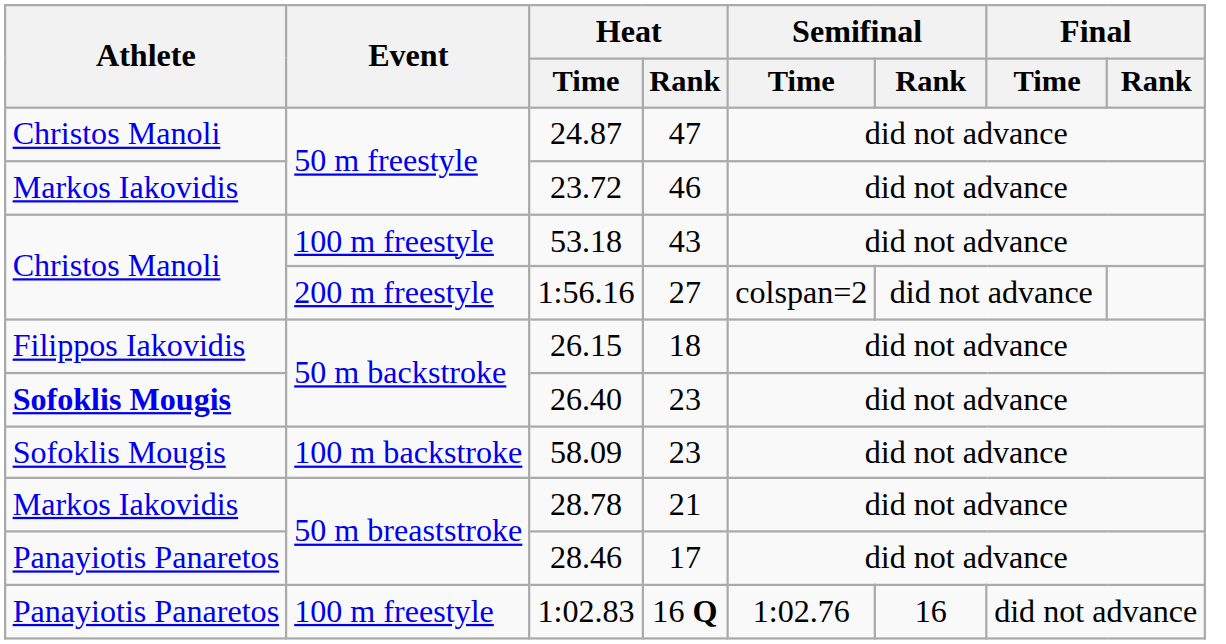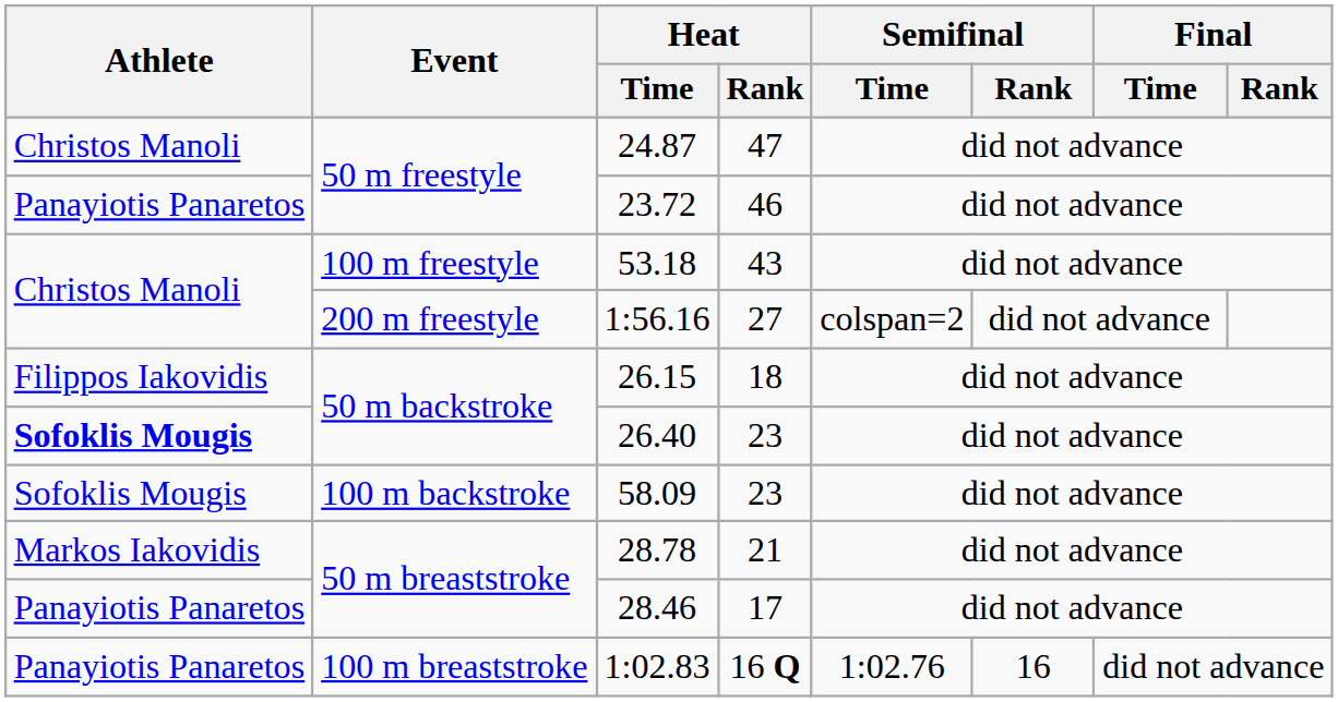 <table class=wikitable style=font-size:90%>
 <tr>
 <th rowspan=2>Athlete</th>
 <th rowspan=2>Event</th>
 <th colspan=2>Heat</th>
 <th colspan=2>Semifinal</th>
 <th colspan=2>Final</th>
 </tr>
 <tr style=font-size:95%>
 <th>Time</th>
 <th>Rank</th>
 <th>Time</th>
 <th>Rank</th>
 <th>Time</th>
 <th>Rank</th>
 </tr>
 <tr align=center>
 <td align=left><a href='#'>Christos Manoli</a></td>
 <td align=left rowspan="2"><a href='#'>50 m freestyle</a></td>
 <td>24.87</td>
 <td>47</td>
 <td colspan=4>did not advance</td>
 </tr>
 <tr align=center>
-<td align=left><a href='#'>Markos Iakovidis</a></td>
+<td align=left><a href='#'>Panayiotis Panaretos</a></td>
 <td>23.72</td>
 <td>46</td>
 <td colspan=4>did not advance</td>
 </tr>
 <tr align=center>
 <td align=left rowspan=2><a href='#'>Christos Manoli</a></td>
 <td align=left rowspan="1"><a href='#'>100 m freestyle</a></td>
 <td>53.18</td>
 <td>43</td>
 <td colspan=4>did not advance</td>
 </tr>
 <tr align=center>
 <td align=left rowspan="1"><a href='#'>200 m freestyle</a></td>
 <td>1:56.16</td>
 <td>27</td>
 <td>colspan=2 </td>
 <td colspan=2>did not advance</td>
 </tr>
 <tr align=center>
 <td align=left><a href='#'>Filippos Iakovidis</a></td>
 <td align=left rowspan=2><a href='#'>50 m backstroke</a></td>
 <td>26.15</td>
 <td>18</td>
 <td colspan=4>did not advance</td>
 </tr>
 <tr align=center>
 <td align=left><strong><a href='#'>Sofoklis Mougis</a></strong></td>
 <td>26.40</td>
 <td>23</td>
 <td colspan=4>did not advance</td>
 </tr>
 <tr align=center>
 <td align=left><a href='#'>Sofoklis Mougis</a></td>
 <td align=left><a href='#'>100 m backstroke</a></td>
 <td>58.09</td>
 <td>23</td>
 <td colspan=4>did not advance</td>
 </tr>
 <tr align=center>
 <td align=left><a href='#'>Markos Iakovidis</a></td>
 <td align=left rowspan=2><a href='#'>50 m breaststroke</a></td>
 <td>28.78</td>
 <td>21</td>
 <td colspan=4>did not advance</td>
 </tr>
 <tr align=center>
 <td align=left><a href='#'>Panayiotis Panaretos</a></td>
 <td>28.46</td>
 <td>17</td>
 <td colspan=4>did not advance</td>
 </tr>
 <tr align=center>
 <td align=left><a href='#'>Panayiotis Panaretos</a></td>
-<td align=left rowspan="1"><a href='#'>100 m freestyle</a></td>
+<td align=left rowspan="1"><a href='#'>100 m breaststroke</a></td>
 <td>1:02.83</td>
 <td>16 <strong>Q</strong></td>
 <td>1:02.76</td>
 <td>16</td>
 <td colspan=2>did not advance</td>
 </tr>
 </table>
